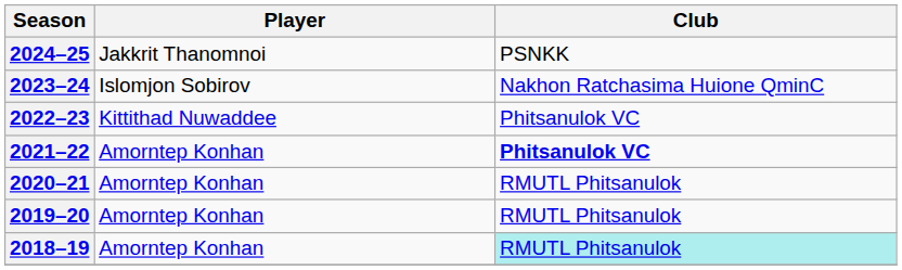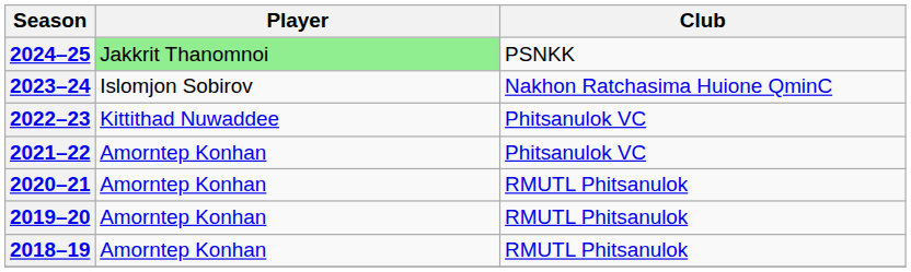 <table class=wikitable>
 <tr>
 <th>Season</th>
 <th width=45%>Player</th>
 <th width=45%>Club</th>
 </tr>
 <tr>
 <th><a href='#'>2024–25</a></th>
-<td> Jakkrit Thanomnoi</td>
+<td style="background: lightgreen;"> Jakkrit Thanomnoi</td>
 <td>PSNKK</td>
 </tr>
 <tr>
 <th><a href='#'>2023–24</a></th>
 <td> Islomjon Sobirov</td>
 <td><a href='#'>Nakhon Ratchasima Huione QminC</a></td>
 </tr>
 <tr>
 <th><a href='#'>2022–23</a></th>
 <td> <a href='#'>Kittithad Nuwaddee</a></td>
 <td><a href='#'>Phitsanulok VC</a></td>
 </tr>
 <tr>
 <th><a href='#'>2021–22</a></th>
 <td> <a href='#'>Amorntep Konhan</a></td>
-<td><strong><a href='#'>Phitsanulok VC</a></strong></td>
+<td><a href='#'>Phitsanulok VC</a></td>
 </tr>
 <tr>
 <th><a href='#'>2020–21</a></th>
 <td> <a href='#'>Amorntep Konhan</a></td>
 <td><a href='#'>RMUTL Phitsanulok</a></td>
 </tr>
 <tr>
 <th><a href='#'>2019–20</a></th>
 <td> <a href='#'>Amorntep Konhan</a></td>
 <td><a href='#'>RMUTL Phitsanulok</a></td>
 </tr>
 <tr>
 <th><a href='#'>2018–19</a></th>
 <td> <a href='#'>Amorntep Konhan</a></td>
-<td style="background: paleturquoise;"><a href='#'>RMUTL Phitsanulok</a></td>
+<td><a href='#'>RMUTL Phitsanulok</a></td>
 </tr>
 <tr>
 </tr>
 </table>
